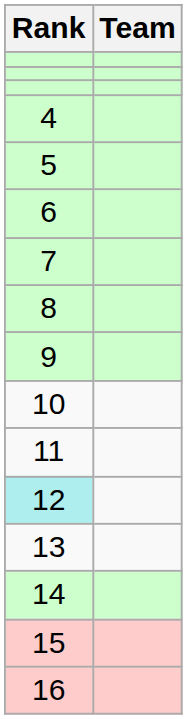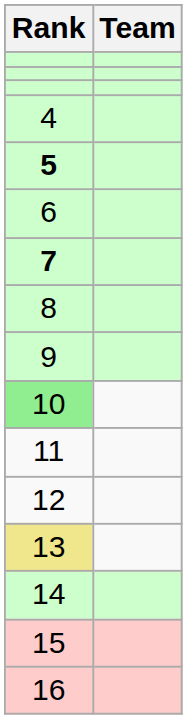 <table class=wikitable style="text-align: center;">
 <tr>
 <th>Rank</th>
 <th>Team</th>
 </tr>
 <tr bgcolor=ccffcc>
 <td></td>
 <td style="text-align: left;"></td>
 </tr>
 <tr bgcolor=ccffcc>
 <td></td>
 <td style="text-align: left;"></td>
 </tr>
 <tr bgcolor=ccffcc>
 <td></td>
 <td style="text-align: left;"></td>
 </tr>
 <tr bgcolor=ccffcc>
 <td>4</td>
 <td style="text-align: left;"></td>
 </tr>
 <tr bgcolor=ccffcc>
-<td>5</td>
+<td><strong>5</strong></td>
 <td style="text-align: left;"></td>
 </tr>
 <tr bgcolor=ccffcc>
 <td>6</td>
 <td style="text-align: left;"></td>
 </tr>
 <tr bgcolor=ccffcc>
-<td>7</td>
+<td><strong>7</strong></td>
 <td style="text-align: left;"></td>
 </tr>
 <tr bgcolor=ccffcc>
 <td>8</td>
 <td style="text-align: left;"></td>
 </tr>
 <tr bgcolor=ccffcc>
 <td>9</td>
 <td style="text-align: left;"></td>
 </tr>
 <tr>
-<td>10</td>
+<td style="background: lightgreen;">10</td>
 <td style="text-align: left;"></td>
 </tr>
 <tr>
 <td>11</td>
 <td style="text-align: left;"></td>
 </tr>
 <tr>
-<td style="background: paleturquoise;">12</td>
+<td>12</td>
 <td style="text-align: left;"></td>
 </tr>
 <tr>
-<td>13</td>
+<td style="background: khaki;">13</td>
 <td style="text-align: left;"></td>
 </tr>
 <tr bgcolor=ccffcc>
 <td>14</td>
 <td style="text-align: left;"></td>
 </tr>
 <tr bgcolor=ffcccc>
 <td>15</td>
 <td style="text-align: left;"></td>
 </tr>
 <tr bgcolor=ffcccc>
 <td>16</td>
 <td style="text-align: left;"></td>
 </tr>
 </table>
